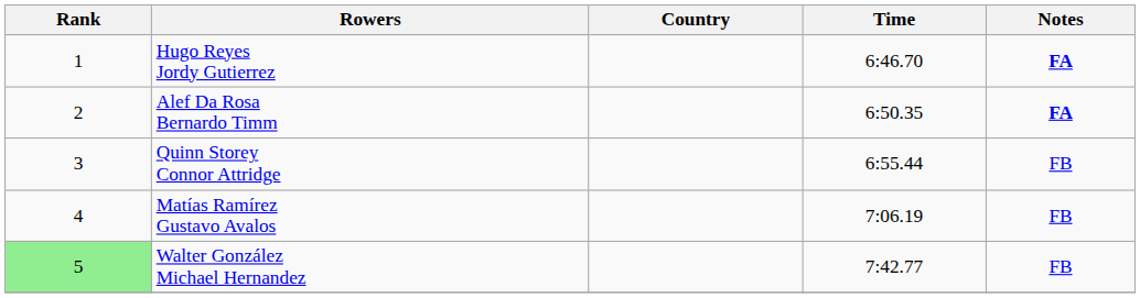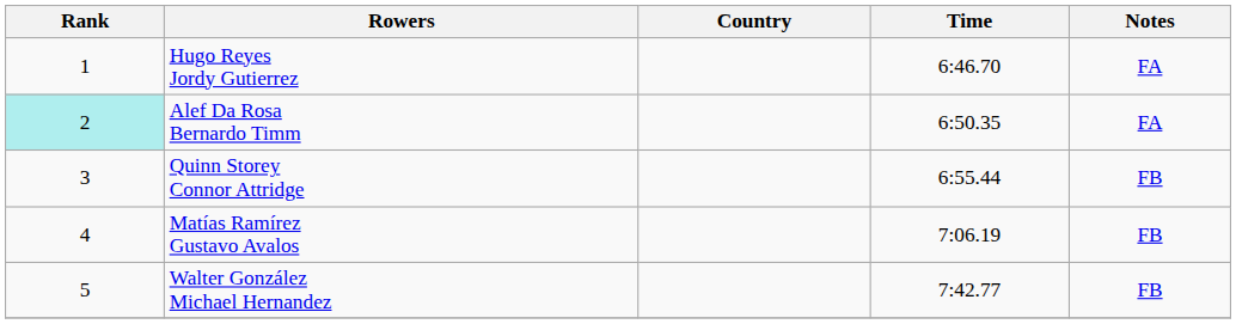 <table class="wikitable" width=60% style="text-align:center">
 <tr>
 <th>Rank</th>
 <th>Rowers</th>
 <th>Country</th>
 <th>Time</th>
 <th>Notes</th>
 </tr>
 <tr>
 <td>1</td>
 <td align=left><a href='#'>Hugo Reyes</a><br><a href='#'>Jordy Gutierrez</a></td>
 <td align=left></td>
 <td>6:46.70</td>
-<td><strong><a href='#'>FA</a></strong></td>
+<td><a href='#'>FA</a></td>
 </tr>
 <tr>
-<td>2</td>
+<td style="background: paleturquoise;">2</td>
 <td align=left><a href='#'>Alef Da Rosa</a><br><a href='#'>Bernardo Timm</a></td>
 <td align=left></td>
 <td>6:50.35</td>
-<td><strong><a href='#'>FA</a></strong></td>
+<td><a href='#'>FA</a></td>
 </tr>
 <tr>
 <td>3</td>
 <td align=left><a href='#'>Quinn Storey</a><br><a href='#'>Connor Attridge</a></td>
 <td align=left></td>
 <td>6:55.44</td>
 <td><a href='#'>FB</a></td>
 </tr>
 <tr>
 <td>4</td>
 <td align=left><a href='#'>Matías Ramírez</a><br><a href='#'>Gustavo Avalos</a></td>
 <td align=left></td>
 <td>7:06.19</td>
 <td><a href='#'>FB</a></td>
 </tr>
 <tr>
-<td style="background: lightgreen;">5</td>
+<td>5</td>
 <td align=left><a href='#'>Walter González</a><br><a href='#'>Michael Hernandez</a></td>
 <td align=left></td>
 <td>7:42.77</td>
 <td><a href='#'>FB</a></td>
 </tr>
 <tr>
 </tr>
 </table>
